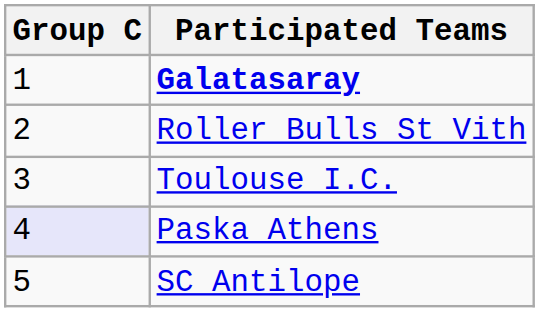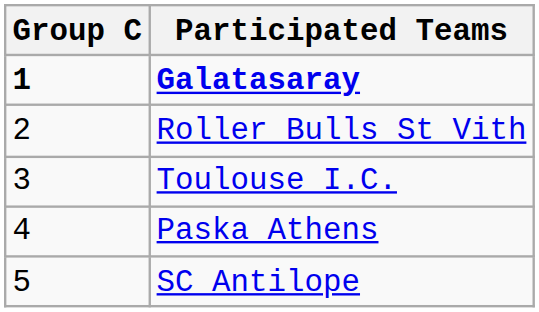 <table class="wikitable">
 <tr>
 <th>Group C</th>
 <th>Participated Teams</th>
 </tr>
 <tr>
-<td>1</td>
+<td><strong>1</strong></td>
 <td> <strong><a href='#'>Galatasaray</a></strong></td>
 </tr>
 <tr>
 <td>2</td>
 <td> <a href='#'>Roller Bulls St Vith</a></td>
 </tr>
 <tr>
 <td>3</td>
 <td> <a href='#'>Toulouse I.C.</a></td>
 </tr>
 <tr>
-<td style="background: lavender;">4</td>
+<td>4</td>
 <td> <a href='#'>Paska Athens</a></td>
 </tr>
 <tr>
 <td>5</td>
 <td> <a href='#'>SC Antilope</a></td>
 </tr>
 </table>
